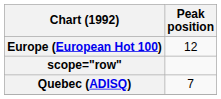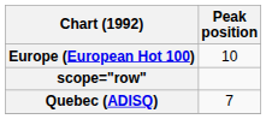 <table class="wikitable sortable plainrowheaders">
 <tr>
 <th>Chart (1992)</th>
 <th>Peak<br>position</th>
 </tr>
 <tr>
 <th scope="row">Europe (<a href='#'>European Hot 100</a>)</th>
-<td align="center">12</td>
+<td align="center">10</td>
 </tr>
 <tr>
 <th>scope="row"</th>
 </tr>
 <tr>
 <th scope="row">Quebec (<a href='#'>ADISQ</a>)</th>
 <td align="center">7</td>
 </tr>
 <tr>
 </tr>
 </table>
